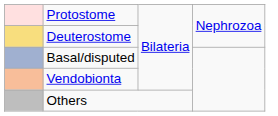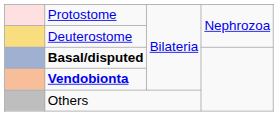 <table class="wikitable">
 <tr>
 <td style="background: #ffe0e0" width="15%"></td>
 <td><a href='#'>Protostome</a></td>
 <td rowspan="4"><a href='#'>Bilateria</a></td>
 <td rowspan="2"><a href='#'>Nephrozoa</a></td>
 </tr>
 <tr>
 <td style="background: #f8de7e"></td>
 <td><a href='#'>Deuterostome</a></td>
 </tr>
 <tr>
 <td style="background: #a0b0d0"></td>
-<td>Basal/disputed</td>
+<td><strong>Basal/disputed</strong></td>
 </tr>
 <tr>
 <td style="background: #f8be9a"></td>
-<td><a href='#'>Vendobionta</a></td>
+<td><strong><a href='#'>Vendobionta</a></strong></td>
 </tr>
 <tr>
 <td style="background: #bebebe"></td>
 <td colspan="2">Others</td>
 </tr>
 </table>
